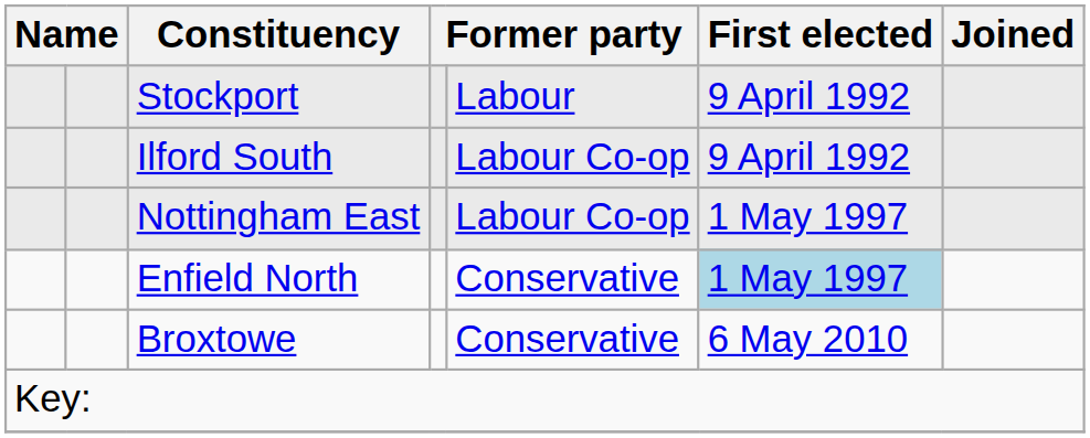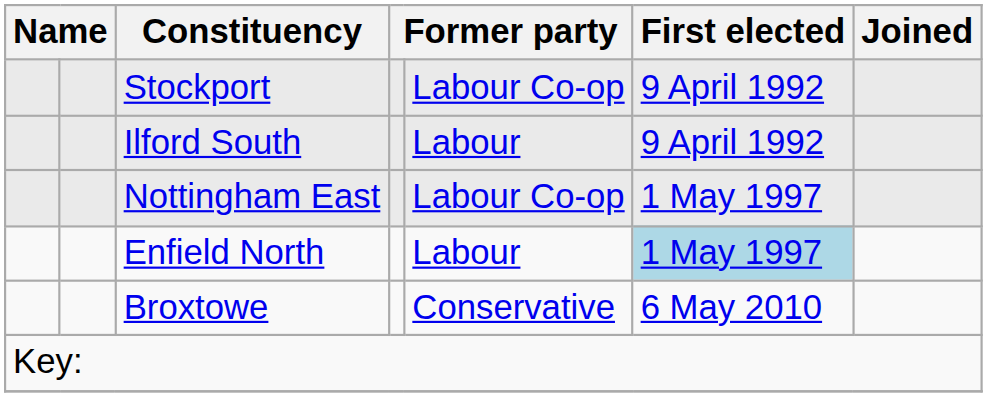 <table class="wikitable sortable">
 <tr>
 <th colspan="2">Name</th>
 <th>Constituency</th>
 <th colspan=2>Former party</th>
 <th>First elected</th>
 <th>Joined</th>
 </tr>
 <tr style="background:#eaeaea;" |>
 <td></td>
 <td></td>
 <td><a href='#'>Stockport</a></td>
 <td style="background-color: "></td>
-<td><a href='#'>Labour</a></td>
+<td><a href='#'>Labour Co-op</a></td>
 <td><a href='#'>9 April 1992</a></td>
 <td></td>
 </tr>
 <tr style="background:#eaeaea;" |>
 <td></td>
 <td></td>
 <td><a href='#'>Ilford South</a></td>
 <td style="background-color: "></td>
-<td><a href='#'>Labour Co-op</a></td>
+<td><a href='#'>Labour</a></td>
 <td><a href='#'>9 April 1992</a></td>
 <td></td>
 </tr>
 <tr style="background:#eaeaea;" |>
 <td></td>
 <td></td>
 <td><a href='#'>Nottingham East</a></td>
 <td style="background-color: "></td>
 <td><a href='#'>Labour Co-op</a></td>
 <td><a href='#'>1 May 1997</a></td>
 <td></td>
 </tr>
 <tr>
 <td></td>
 <td></td>
 <td><a href='#'>Enfield North</a></td>
 <td style="background-color: "></td>
-<td><a href='#'>Conservative</a></td>
+<td><a href='#'>Labour</a></td>
 <td style="background: lightblue;"><a href='#'>1 May 1997</a></td>
 <td></td>
 </tr>
 <tr>
 <td></td>
 <td></td>
 <td><a href='#'>Broxtowe</a></td>
 <td style="background-color: "></td>
 <td><a href='#'>Conservative</a></td>
 <td><a href='#'>6 May 2010</a></td>
 <td></td>
 </tr>
 <tr class="sortbottom">
 <td colspan="7">Key: </td>
 </tr>
 <tr>
 </tr>
 </table>
